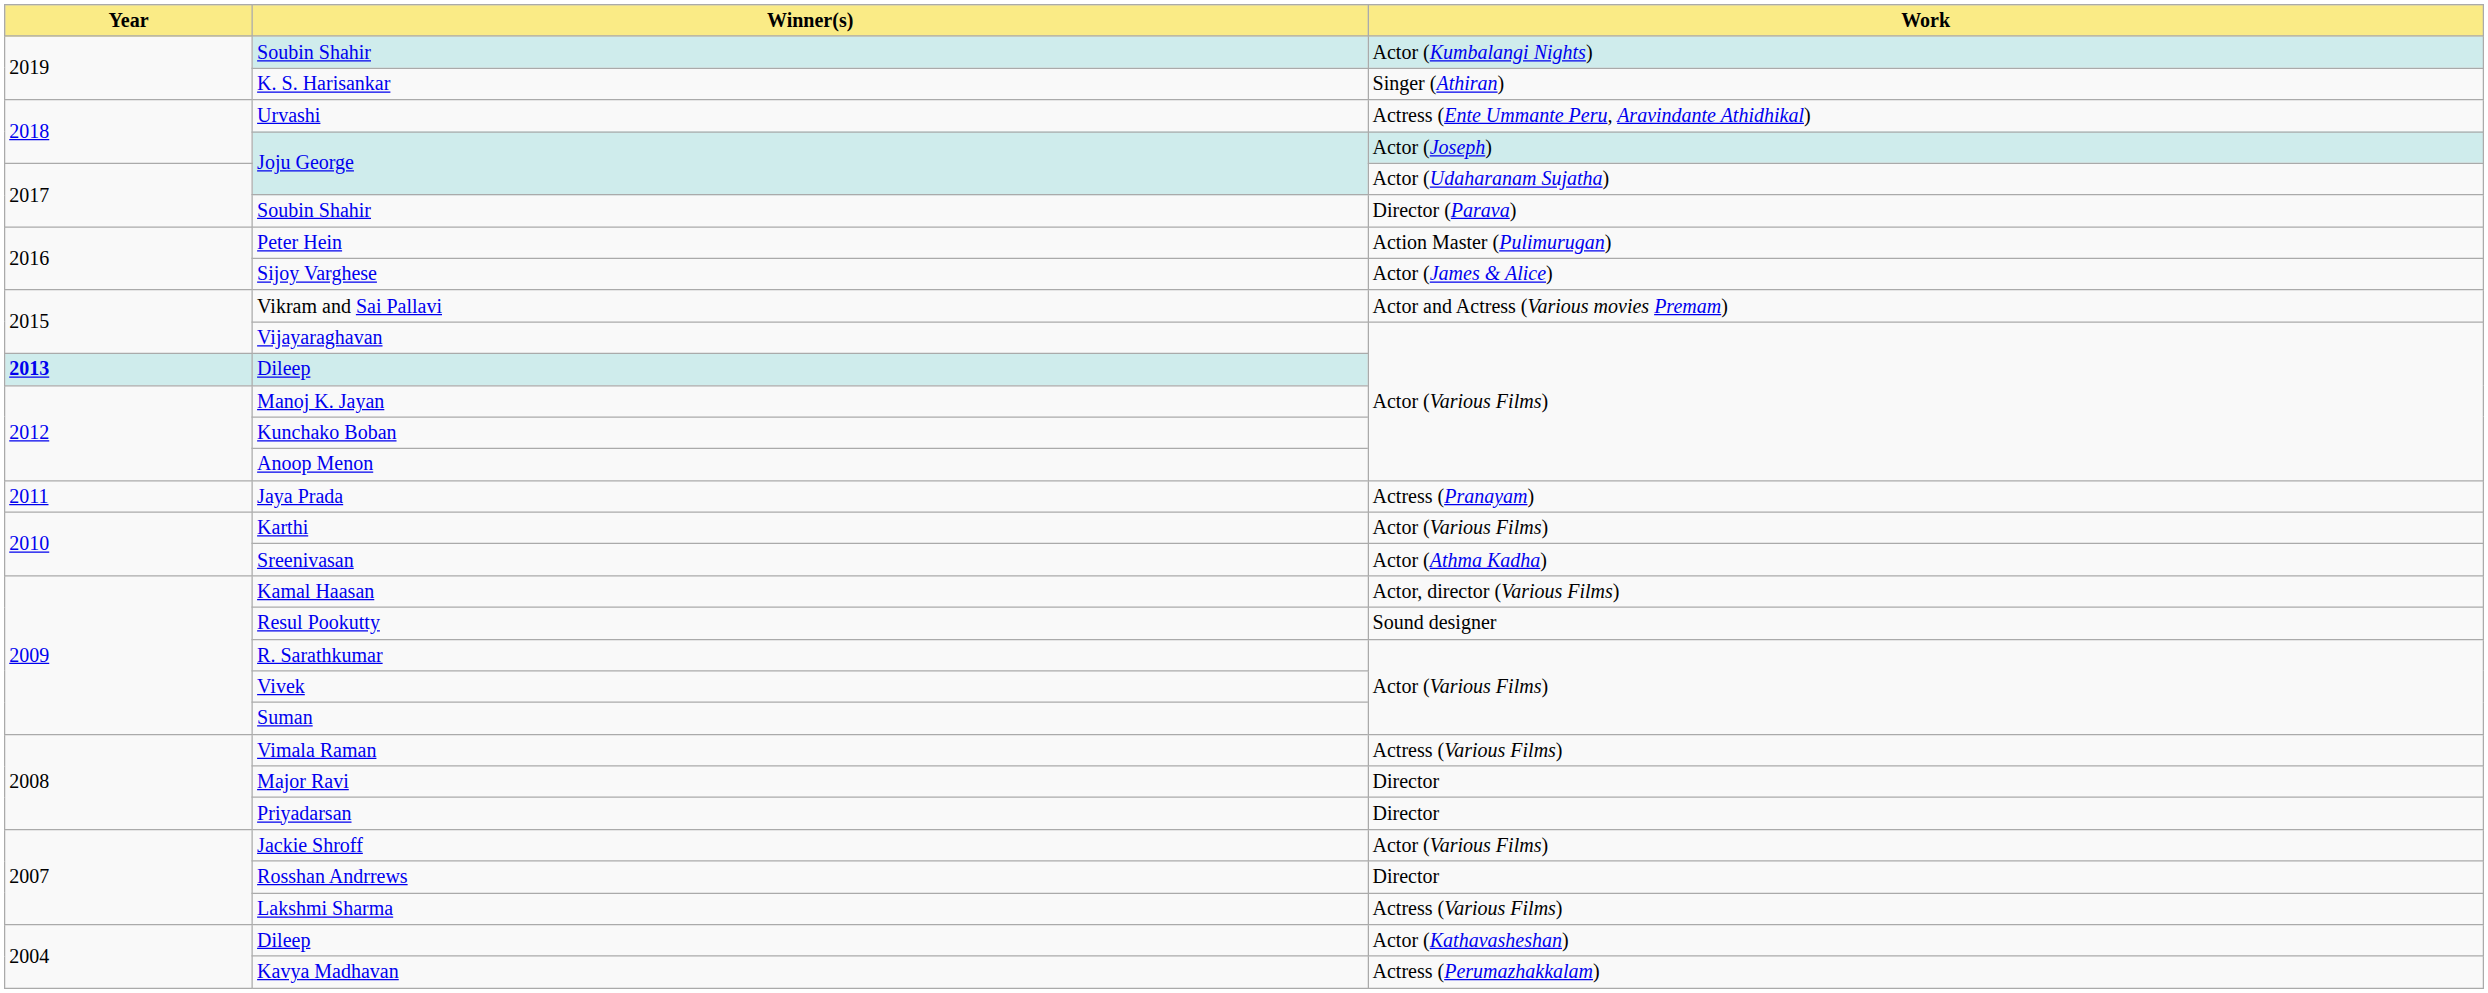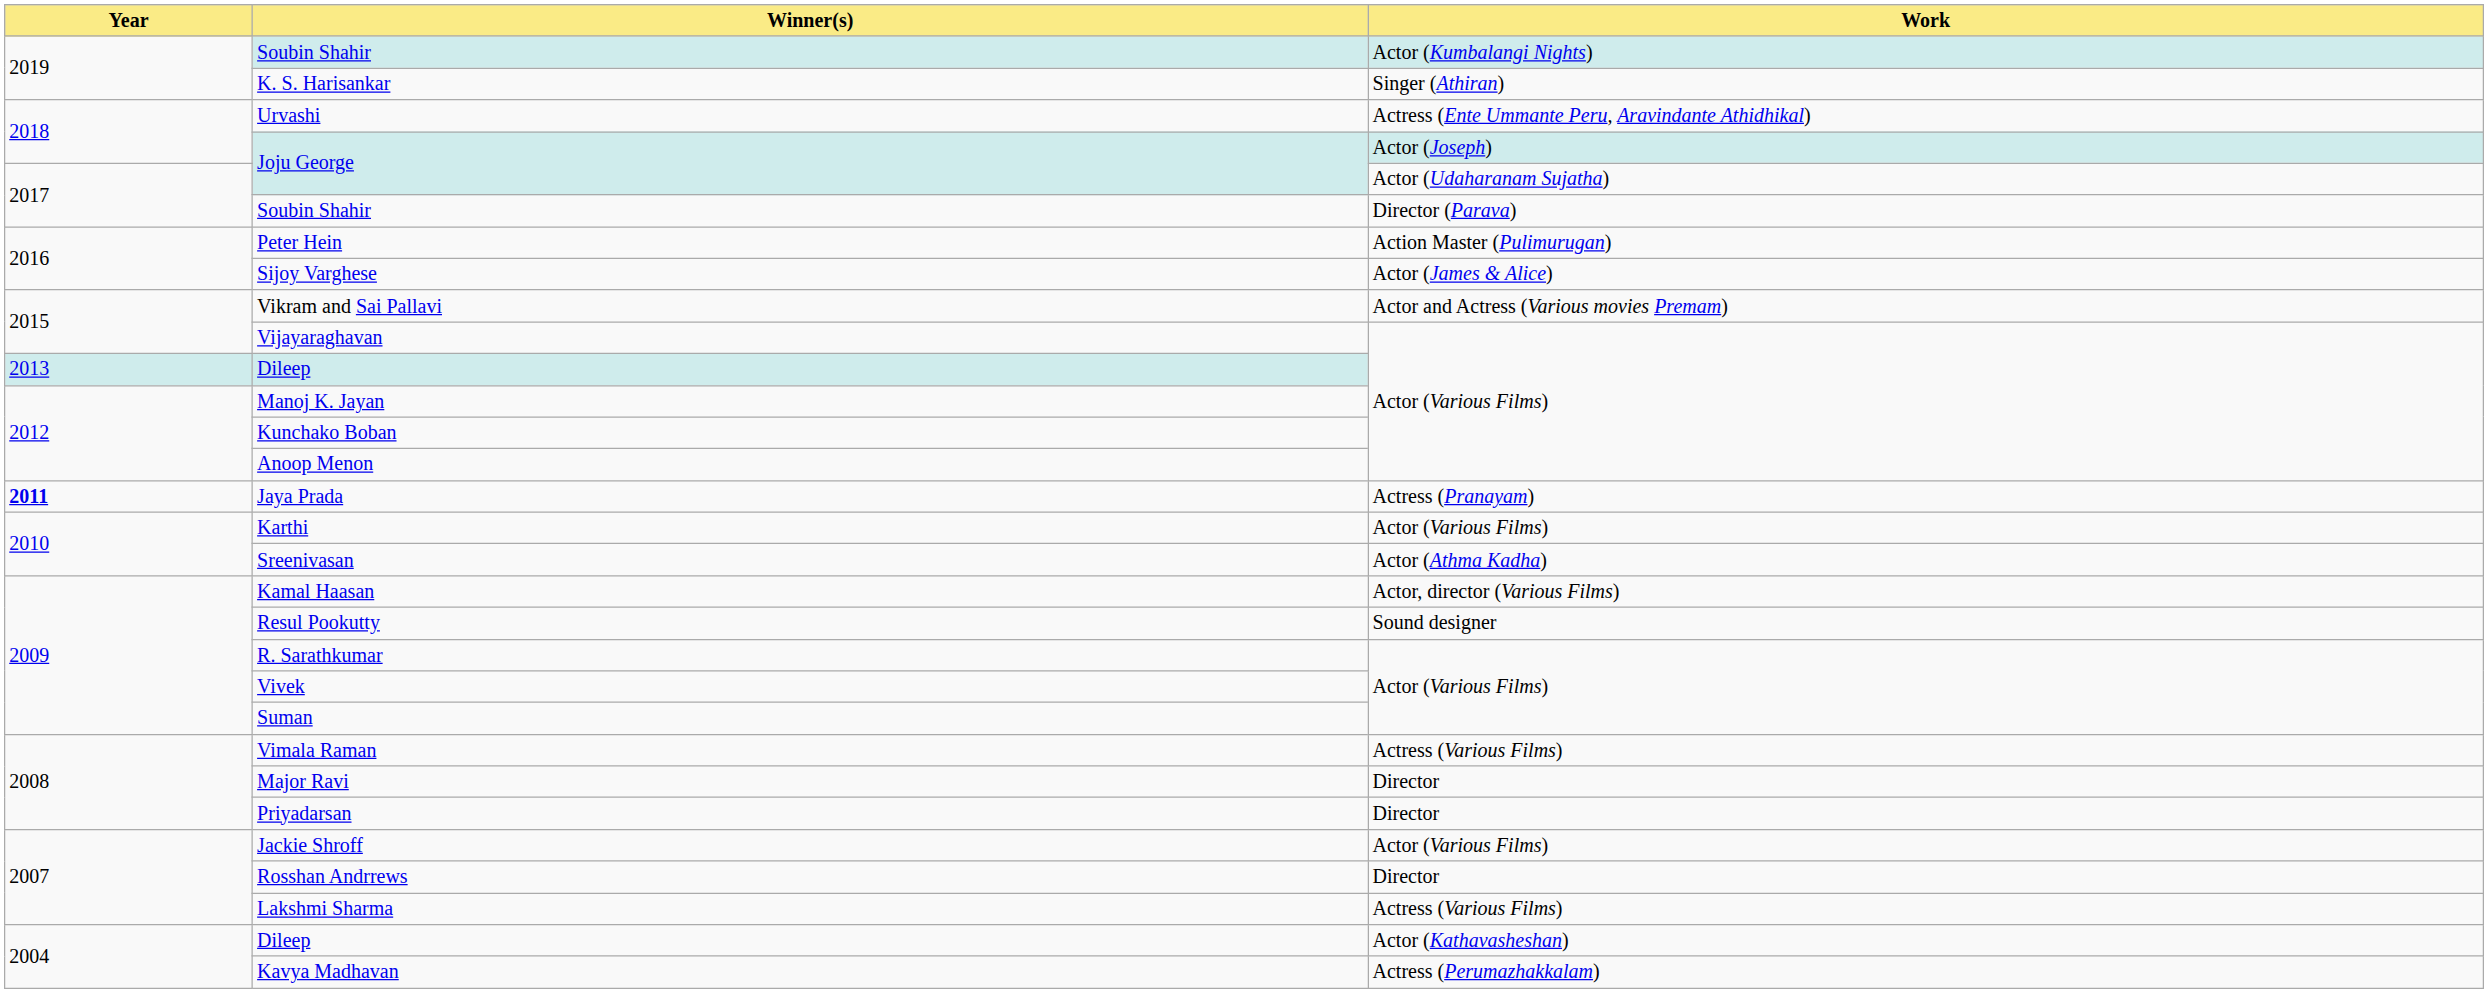 <table class="wikitable" style="width:100%">
 <tr bgcolor="#bebebe">
 <th width="10%" style="background:#FAEB86">Year</th>
 <th width="45%" style="background:#FAEB86">Winner(s)</th>
 <th width="45%" style="background:#FAEB86">Work</th>
 </tr>
 <tr>
 <td rowspan=2>2019</td>
 <td bgcolor="#cfecec"><a href='#'>Soubin Shahir</a></td>
 <td bgcolor="#cfecec">Actor (<em><a href='#'>Kumbalangi Nights</a></em>)</td>
 </tr>
 <tr>
 <td><a href='#'>K. S. Harisankar</a></td>
 <td>Singer (<em><a href='#'>Athiran</a></em>)</td>
 </tr>
 <tr>
 <td rowspan=2><a href='#'>2018</a></td>
 <td><a href='#'>Urvashi</a></td>
 <td>Actress (<em><a href='#'>Ente Ummante Peru</a>, <a href='#'>Aravindante Athidhikal</a></em>)</td>
 </tr>
 <tr bgcolor="#cfecec">
 <td rowspan="2"><a href='#'>Joju George</a></td>
 <td>Actor (<em><a href='#'>Joseph</a></em>)</td>
 </tr>
 <tr>
 <td rowspan=2>2017</td>
 <td>Actor (<em><a href='#'>Udaharanam Sujatha</a></em>)</td>
 </tr>
 <tr>
 <td><a href='#'>Soubin Shahir</a></td>
 <td>Director (<em><a href='#'>Parava</a></em>)</td>
 </tr>
 <tr>
 <td rowspan=2>2016</td>
 <td><a href='#'>Peter Hein</a></td>
 <td>Action Master (<em><a href='#'>Pulimurugan</a></em>)</td>
 </tr>
 <tr>
 <td><a href='#'>Sijoy Varghese</a></td>
 <td>Actor (<em><a href='#'>James & Alice</a></em>)</td>
 </tr>
 <tr>
 <td rowspan=2>2015</td>
 <td>Vikram and <a href='#'>Sai Pallavi</a></td>
 <td>Actor and Actress (<em>Various movies  <a href='#'>Premam</a></em>)</td>
 </tr>
 <tr>
 <td><a href='#'>Vijayaraghavan</a></td>
 <td rowspan="5">Actor (<em>Various Films</em>)</td>
 </tr>
 <tr bgcolor="#cfecec">
-<td><strong><a href='#'>2013</a></strong></td>
+<td><a href='#'>2013</a></td>
 <td><a href='#'>Dileep</a></td>
 </tr>
 <tr>
 <td rowspan=3><a href='#'>2012</a></td>
 <td><a href='#'>Manoj K. Jayan</a></td>
 </tr>
 <tr>
 <td><a href='#'>Kunchako Boban</a></td>
 </tr>
 <tr>
 <td><a href='#'>Anoop Menon</a></td>
 </tr>
 <tr>
-<td><a href='#'>2011</a></td>
+<td><strong><a href='#'>2011</a></strong></td>
 <td><a href='#'>Jaya Prada</a></td>
 <td>Actress (<em><a href='#'>Pranayam</a></em>)</td>
 </tr>
 <tr>
 <td rowspan=2><a href='#'>2010</a></td>
 <td><a href='#'>Karthi</a></td>
 <td>Actor (<em>Various Films</em>)</td>
 </tr>
 <tr>
 <td><a href='#'>Sreenivasan</a></td>
 <td>Actor (<em><a href='#'>Athma Kadha</a></em>)</td>
 </tr>
 <tr>
 <td rowspan=5><a href='#'>2009</a></td>
 <td><a href='#'>Kamal Haasan</a></td>
 <td>Actor, director (<em>Various Films</em>)</td>
 </tr>
 <tr>
 <td><a href='#'>Resul Pookutty</a></td>
 <td>Sound designer</td>
 </tr>
 <tr>
 <td><a href='#'>R. Sarathkumar</a></td>
 <td rowspan=3>Actor (<em>Various Films</em>)</td>
 </tr>
 <tr>
 <td><a href='#'>Vivek</a></td>
 </tr>
 <tr>
 <td><a href='#'>Suman</a></td>
 </tr>
 <tr>
 <td rowspan=3>2008</td>
 <td><a href='#'>Vimala Raman</a></td>
 <td>Actress (<em>Various Films</em>)</td>
 </tr>
 <tr>
 <td><a href='#'>Major Ravi</a></td>
 <td>Director</td>
 </tr>
 <tr>
 <td><a href='#'>Priyadarsan</a></td>
 <td>Director</td>
 </tr>
 <tr>
 <td rowspan=3>2007</td>
 <td><a href='#'>Jackie Shroff</a></td>
 <td>Actor (<em>Various Films</em>)</td>
 </tr>
 <tr>
 <td><a href='#'>Rosshan Andrrews</a></td>
 <td>Director</td>
 </tr>
 <tr>
 <td><a href='#'>Lakshmi Sharma</a></td>
 <td>Actress (<em>Various Films</em>)</td>
 </tr>
 <tr>
 <td rowspan=2>2004</td>
 <td><a href='#'>Dileep</a></td>
 <td>Actor (<em><a href='#'>Kathavasheshan</a></em>)</td>
 </tr>
 <tr>
 <td><a href='#'>Kavya Madhavan</a></td>
 <td>Actress (<em><a href='#'>Perumazhakkalam</a></em>)</td>
 </tr>
 </table>
